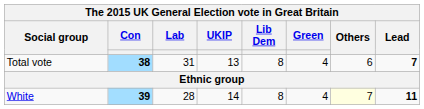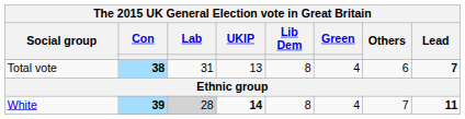 <table class=wikitable>
 <tr>
 <th colspan="10">The 2015 UK General Election vote in Great Britain</th>
 </tr>
 <tr>
 <th style="width:150px;" rowspan="2">Social group</th>
 <th style="width:60px;" class="unsortable"><a href='#'>Con</a></th>
 <th style="width:60px;" class="unsortable"><a href='#'>Lab</a></th>
 <th style="width:60px;" class="unsortable"><a href='#'>UKIP</a></th>
 <th style="width:60px;" class="unsortable"><a href='#'>Lib Dem</a></th>
 <th style="width:60px;" class="unsortable"><a href='#'>Green</a></th>
 <th style="width:60px;" rowspan="2" class="unsortable">Others</th>
 <th style="width:60px;" rowspan="2" class="unsortable">Lead</th>
 </tr>
 <tr>
 <th class="unsortable" style="color:inherit;background:"></th>
 <th class="unsortable" style="color:inherit;background:"></th>
 <th class="unsortable" style="color:inherit;background:"></th>
 <th class="unsortable" style="color:inherit;background:"></th>
 <th class="unsortable" style="color:inherit;background:"></th>
 </tr>
 <tr>
 <td>Total vote</td>
 <td style="text-align:right; background:#A2DDFF;"><strong>38</strong></td>
 <td style="text-align:right;">31</td>
 <td style="text-align:right;">13</td>
 <td style="text-align:right;">8</td>
 <td style="text-align:right;">4</td>
 <td style="text-align:right;">6</td>
 <td style="text-align:right; background:"><strong>7</strong></td>
 </tr>
 <tr>
 <th colspan=9>Ethnic group</th>
 </tr>
 <tr>
 <td><a href='#'>White</a></td>
 <td style="text-align:right; background:#A3DEFF;"><strong>39</strong></td>
-<td style="text-align:right;">28</td>
-<td style="text-align:right;">14</td>
+<td style="background: lightgrey; text-align:right;">28</td>
+<td style="text-align:right;"><strong>14</strong></td>
 <td style="text-align:right;">8</td>
 <td style="text-align:right;">4</td>
-<td style="background: lightyellow; text-align:right;">7</td>
+<td style="text-align:right;">7</td>
 <td style="text-align:right; background:"><strong>11</strong></td>
 </tr>
 </table>
